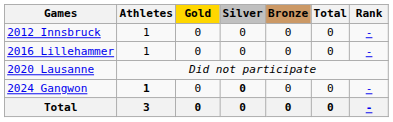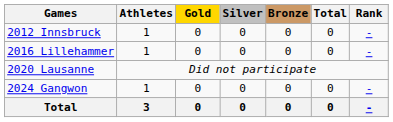 <table class="wikitable" style="text-align:center; font-size:90%;">
 <tr>
 <th>Games</th>
 <th>Athletes</th>
 <td style="background:gold; width:3.5em; font-weight:bold;">Gold</td>
 <td style="background:silver; width:3.5em; font-weight:bold;">Silver</td>
 <td style="background:#cc9966; width:3.5em; font-weight:bold;">Bronze</td>
 <th style="width:3em; font-weight:bold;">Total</th>
 <th style="width:3em; font-weight:bold;">Rank</th>
 </tr>
 <tr>
 <td align=left><a href='#'>2012 Innsbruck</a></td>
 <td>1</td>
 <td>0</td>
 <td>0</td>
 <td>0</td>
 <td>0</td>
 <td><a href='#'>-</a></td>
 </tr>
 <tr>
 <td align=left><a href='#'>2016 Lillehammer</a></td>
 <td>1</td>
 <td>0</td>
 <td>0</td>
 <td>0</td>
 <td>0</td>
 <td><a href='#'>-</a></td>
 </tr>
 <tr>
 <td align=left><a href='#'>2020 Lausanne</a></td>
 <td colspan=6><em>Did not participate</em></td>
 </tr>
 <tr>
 <td align=left><a href='#'>2024 Gangwon</a></td>
-<td><strong>1</strong></td>
+<td>1</td>
 <td>0</td>
-<td><strong>0</strong></td>
+<td>0</td>
 <td>0</td>
 <td>0</td>
 <td><a href='#'>-</a></td>
 </tr>
 <tr>
 <th>Total</th>
 <th>3</th>
 <th>0</th>
 <th>0</th>
 <th>0</th>
 <th>0</th>
 <th><a href='#'>-</a></th>
 </tr>
 </table>
